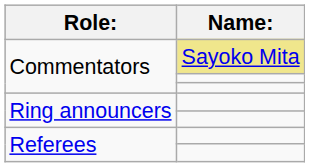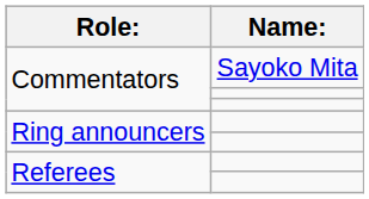 <table class=wikitable style="font-size:90%; margin: 0.5em 0 0.5em 1em; float: right; clear: right;">
 <tr>
 <th>Role:</th>
 <th>Name:</th>
 </tr>
 <tr>
 <td rowspan=3>Commentators</td>
-<td style="background: khaki;"><a href='#'>Sayoko Mita</a></td>
+<td><a href='#'>Sayoko Mita</a></td>
 </tr>
 <tr>
 <td></td>
 </tr>
 <tr>
 <td></td>
 </tr>
 <tr>
 <td rowspan=2><a href='#'>Ring announcers</a></td>
 <td></td>
 </tr>
 <tr>
 <td></td>
 </tr>
 <tr>
 <td rowspan=2><a href='#'>Referees</a></td>
 <td></td>
 </tr>
 <tr>
 <td></td>
 </tr>
 </table>
